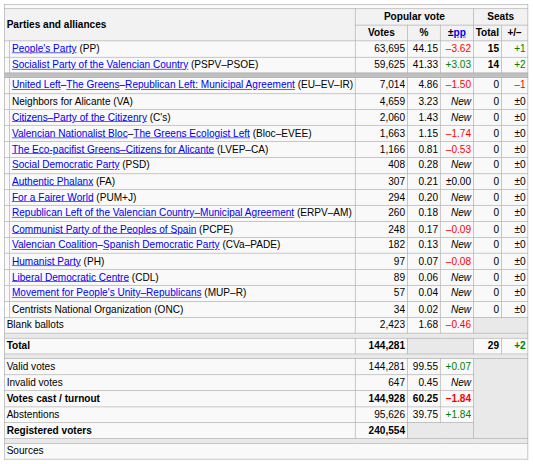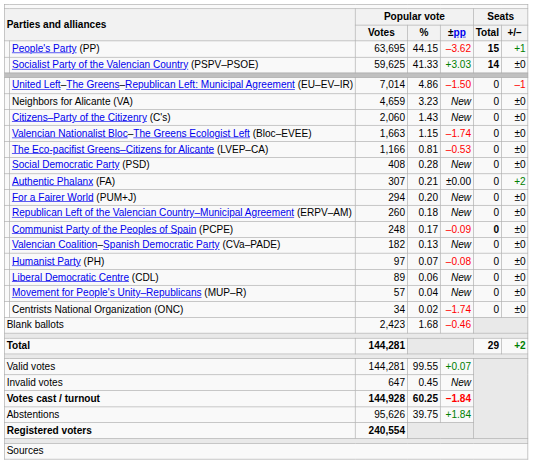 <table class="wikitable" style="text-align:right;">
 <tr>
 <td colspan="7"></td>
 </tr>
 <tr>
 <th style="text-align:left;" rowspan="2" colspan="2" width="525">Parties and alliances</th>
 <th colspan="3">Popular vote</th>
 <th colspan="2">Seats</th>
 </tr>
 <tr>
 <th width="75">Votes</th>
 <th width="45">%</th>
 <th width="45">±<a href='#'>pp</a></th>
 <th width="35">Total</th>
 <th width="35">+/−</th>
 </tr>
 <tr>
 <td width="1" style="color:inherit;background:"></td>
 <td align="left"><a href='#'>People's Party</a> (PP)</td>
 <td>63,695</td>
 <td>44.15</td>
 <td style="color:red;">–3.62</td>
 <td><strong>15</strong></td>
 <td style="color:green;">+1</td>
 </tr>
 <tr>
 <td style="color:inherit;background:"></td>
 <td align="left"><a href='#'>Socialist Party of the Valencian Country</a> (PSPV–PSOE)</td>
 <td>59,625</td>
 <td>41.33</td>
 <td style="color:green;">+3.03</td>
 <td><strong>14</strong></td>
-<td style="color:green;">+2</td>
+<td>±0</td>
 </tr>
 <tr>
 <td colspan="7" bgcolor="#C0C0C0"></td>
 </tr>
 <tr>
 <td style="color:inherit;background:"></td>
 <td align="left"><a href='#'>United Left</a>–<a href='#'>The Greens</a>–<a href='#'>Republican Left: Municipal Agreement</a> (EU–EV–IR)</td>
 <td>7,014</td>
 <td>4.86</td>
 <td style="color:red;">–1.50</td>
 <td>0</td>
 <td style="color:red;">–1</td>
 </tr>
 <tr>
 <td style="color:inherit;background:"></td>
 <td align="left">Neighbors for Alicante (VA)</td>
 <td>4,659</td>
 <td>3.23</td>
 <td><em>New</em></td>
 <td>0</td>
 <td>±0</td>
 </tr>
 <tr>
 <td style="color:inherit;background:"></td>
 <td align="left"><a href='#'>Citizens–Party of the Citizenry</a> (C's)</td>
 <td>2,060</td>
 <td>1.43</td>
 <td><em>New</em></td>
 <td>0</td>
 <td>±0</td>
 </tr>
 <tr>
 <td style="color:inherit;background:"></td>
 <td align="left"><a href='#'>Valencian Nationalist Bloc</a>–<a href='#'>The Greens Ecologist Left</a> (Bloc–EVEE)</td>
 <td>1,663</td>
 <td>1.15</td>
 <td style="color:red;">–1.74</td>
 <td>0</td>
 <td>±0</td>
 </tr>
 <tr>
 <td style="color:inherit;background:"></td>
 <td align="left"><a href='#'>The Eco-pacifist Greens–Citizens for Alicante</a> (LVEP–CA)</td>
 <td>1,166</td>
 <td>0.81</td>
 <td style="color:red;">–0.53</td>
 <td>0</td>
 <td>±0</td>
 </tr>
 <tr>
 <td style="color:inherit;background:"></td>
 <td align="left"><a href='#'>Social Democratic Party</a> (PSD)</td>
 <td>408</td>
 <td>0.28</td>
 <td><em>New</em></td>
 <td>0</td>
 <td>±0</td>
 </tr>
 <tr>
 <td style="color:inherit;background:"></td>
 <td align="left"><a href='#'>Authentic Phalanx</a> (FA)</td>
 <td>307</td>
 <td>0.21</td>
 <td>±0.00</td>
 <td>0</td>
-<td>±0</td>
+<td style="color:green;">+2</td>
 </tr>
 <tr>
 <td style="color:inherit;background:"></td>
 <td align="left"><a href='#'>For a Fairer World</a> (PUM+J)</td>
 <td>294</td>
 <td>0.20</td>
 <td><em>New</em></td>
 <td>0</td>
 <td>±0</td>
 </tr>
 <tr>
 <td style="color:inherit;background:"></td>
 <td align="left"><a href='#'>Republican Left of the Valencian Country–Municipal Agreement</a> (ERPV–AM)</td>
 <td>260</td>
 <td>0.18</td>
 <td><em>New</em></td>
 <td>0</td>
 <td>±0</td>
 </tr>
 <tr>
 <td style="color:inherit;background:"></td>
 <td align="left"><a href='#'>Communist Party of the Peoples of Spain</a> (PCPE)</td>
 <td>248</td>
 <td>0.17</td>
 <td style="color:red;">–0.09</td>
-<td>0</td>
+<td><strong>0</strong></td>
 <td>±0</td>
 </tr>
 <tr>
 <td style="color:inherit;background:"></td>
 <td align="left"><a href='#'>Valencian Coalition</a>–<a href='#'>Spanish Democratic Party</a> (CVa–PADE)</td>
 <td>182</td>
 <td>0.13</td>
 <td><em>New</em></td>
 <td>0</td>
 <td>±0</td>
 </tr>
 <tr>
 <td style="color:inherit;background:"></td>
 <td align="left"><a href='#'>Humanist Party</a> (PH)</td>
 <td>97</td>
 <td>0.07</td>
 <td style="color:red;">–0.08</td>
 <td>0</td>
 <td>±0</td>
 </tr>
 <tr>
 <td style="color:inherit;background:"></td>
 <td align="left"><a href='#'>Liberal Democratic Centre</a> (CDL)</td>
 <td>89</td>
 <td>0.06</td>
 <td><em>New</em></td>
 <td>0</td>
 <td>±0</td>
 </tr>
 <tr>
 <td style="color:inherit;background:"></td>
 <td align="left"><a href='#'>Movement for People's Unity–Republicans</a> (MUP–R)</td>
 <td>57</td>
 <td>0.04</td>
 <td><em>New</em></td>
 <td>0</td>
 <td>±0</td>
 </tr>
 <tr>
 <td bgcolor="white"></td>
 <td align="left">Centrists National Organization (ONC)</td>
 <td>34</td>
 <td>0.02</td>
-<td><em>New</em></td>
+<td style="color:red;">–1.74</td>
 <td>0</td>
 <td>±0</td>
 </tr>
 <tr>
 <td align="left" colspan="2">Blank ballots</td>
 <td>2,423</td>
 <td>1.68</td>
 <td style="color:red;">–0.46</td>
 <td bgcolor="#E9E9E9" colspan="2"></td>
 </tr>
 <tr>
 <td colspan="7" bgcolor="#E9E9E9"></td>
 </tr>
 <tr style="font-weight:bold;">
 <td align="left" colspan="2">Total</td>
 <td>144,281</td>
 <td bgcolor="#E9E9E9" colspan="2"></td>
 <td>29</td>
 <td style="color:green;">+2</td>
 </tr>
 <tr>
 <td colspan="7" bgcolor="#E9E9E9"></td>
 </tr>
 <tr>
 <td align="left" colspan="2">Valid votes</td>
 <td>144,281</td>
 <td>99.55</td>
 <td style="color:green;">+0.07</td>
 <td bgcolor="#E9E9E9" colspan="2" rowspan="5"></td>
 </tr>
 <tr>
 <td align="left" colspan="2">Invalid votes</td>
 <td>647</td>
 <td>0.45</td>
 <td><em>New</em></td>
 </tr>
 <tr style="font-weight:bold;">
 <td align="left" colspan="2">Votes cast / turnout</td>
 <td>144,928</td>
 <td>60.25</td>
 <td style="color:red;">–1.84</td>
 </tr>
 <tr>
 <td align="left" colspan="2">Abstentions</td>
 <td>95,626</td>
 <td>39.75</td>
 <td style="color:green;">+1.84</td>
 </tr>
 <tr style="font-weight:bold;">
 <td align="left" colspan="2">Registered voters</td>
 <td>240,554</td>
 <td bgcolor="#E9E9E9" colspan="2"></td>
 </tr>
 <tr>
 <td colspan="7" bgcolor="#E9E9E9"></td>
 </tr>
 <tr>
 <td align="left" colspan="7">Sources</td>
 </tr>
 </table>
